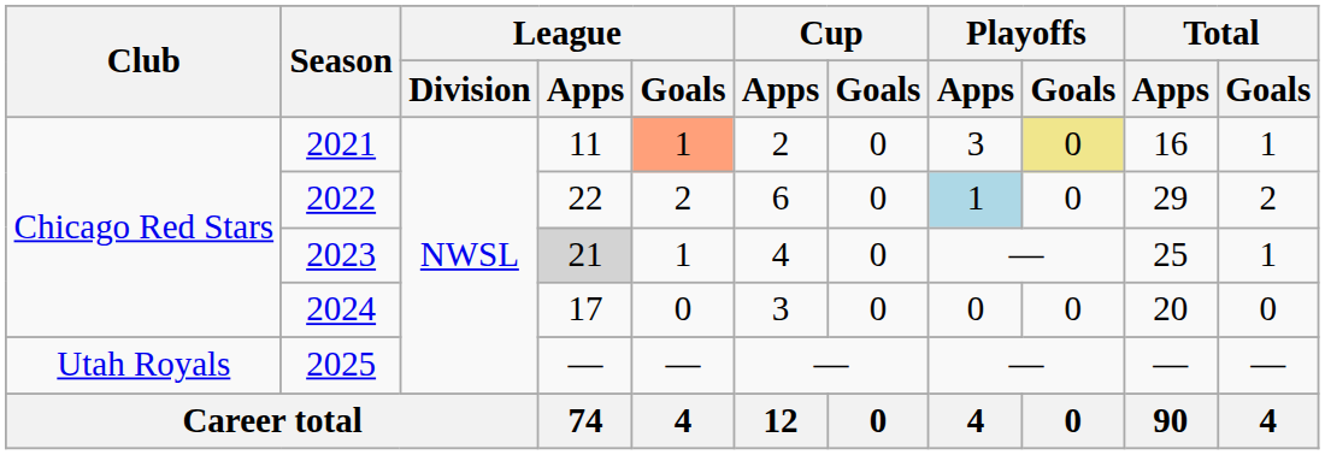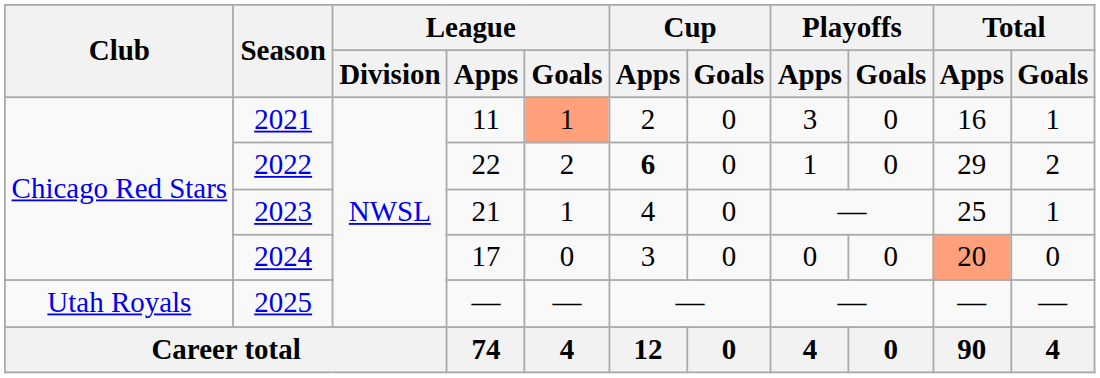 <table class="wikitable" style="text-align: center;">
 <tr>
 <th rowspan="2">Club</th>
 <th rowspan="2">Season</th>
 <th colspan="3">League</th>
 <th colspan="2">Cup</th>
 <th colspan="2">Playoffs</th>
 <th colspan="2">Total</th>
 </tr>
 <tr>
 <th>Division</th>
 <th>Apps</th>
 <th>Goals</th>
 <th>Apps</th>
 <th>Goals</th>
 <th>Apps</th>
 <th>Goals</th>
 <th>Apps</th>
 <th>Goals</th>
 </tr>
 <tr>
 <td rowspan="4"><a href='#'>Chicago Red Stars</a></td>
 <td><a href='#'>2021</a></td>
 <td rowspan="5"><a href='#'>NWSL</a></td>
 <td>11</td>
 <td style="background: lightsalmon;">1</td>
 <td>2</td>
 <td>0</td>
 <td>3</td>
-<td style="background: khaki;">0</td>
+<td>0</td>
 <td>16</td>
 <td>1</td>
 </tr>
 <tr>
 <td><a href='#'>2022</a></td>
 <td>22</td>
 <td>2</td>
-<td>6</td>
+<td><strong>6</strong></td>
 <td>0</td>
-<td style="background: lightblue;">1</td>
+<td>1</td>
 <td>0</td>
 <td>29</td>
 <td>2</td>
 </tr>
 <tr>
 <td><a href='#'>2023</a></td>
-<td style="background: lightgrey;">21</td>
+<td>21</td>
 <td>1</td>
 <td>4</td>
 <td>0</td>
 <td colspan="2">—</td>
 <td>25</td>
 <td>1</td>
 </tr>
 <tr>
 <td><a href='#'>2024</a></td>
 <td>17</td>
 <td>0</td>
 <td>3</td>
 <td>0</td>
 <td>0</td>
 <td>0</td>
-<td>20</td>
+<td style="background: lightsalmon;">20</td>
 <td>0</td>
 </tr>
 <tr>
 <td rowspan="1"><a href='#'>Utah Royals</a></td>
 <td><a href='#'>2025</a></td>
 <td>—</td>
 <td>—</td>
 <td colspan="2">—</td>
 <td colspan="2">—</td>
 <td>—</td>
 <td>—</td>
 </tr>
 <tr>
 <th colspan="3">Career total</th>
 <th>74</th>
 <th>4</th>
 <th>12</th>
 <th>0</th>
 <th>4</th>
 <th>0</th>
 <th>90</th>
 <th>4</th>
 </tr>
 </table>
